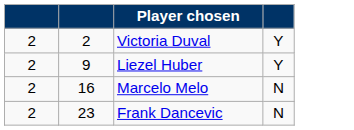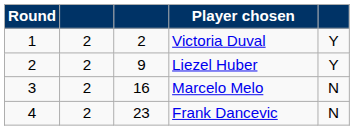 <table class="wikitable" style="text-align:left">
 <tr>
+<th style="background:#003366; color:white" width="50px">Round</th>
 <th style="background:#003366; color:white" width="50px"></th>
 <th style="background:#003366; color:white" width="50px"></th>
 <th style="background:#003366; color:white" width="150px">Player chosen</th>
 <th style="background:#003366; color:white" width="25px"></th>
 </tr>
 <tr>
+<td style="text-align:center">1</td>
 <td style="text-align:center">2</td>
 <td style="text-align:center">2</td>
 <td><a href='#'>Victoria Duval</a></td>
 <td style="text-align:center">Y</td>
 </tr>
 <tr>
 <td style="text-align:center">2</td>
+<td style="text-align:center">2</td>
 <td style="text-align:center">9</td>
 <td><a href='#'>Liezel Huber</a></td>
 <td style="text-align:center">Y</td>
 </tr>
 <tr>
+<td style="text-align:center">3</td>
 <td style="text-align:center">2</td>
 <td style="text-align:center">16</td>
 <td><a href='#'>Marcelo Melo</a></td>
 <td style="text-align:center">N</td>
 </tr>
 <tr>
+<td style="text-align:center">4</td>
 <td style="text-align:center">2</td>
 <td style="text-align:center">23</td>
 <td><a href='#'>Frank Dancevic</a></td>
 <td style="text-align:center">N</td>
 </tr>
 </table>
